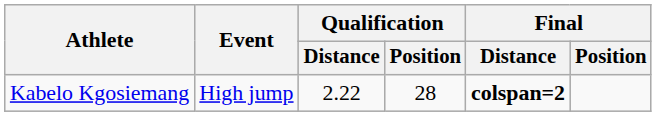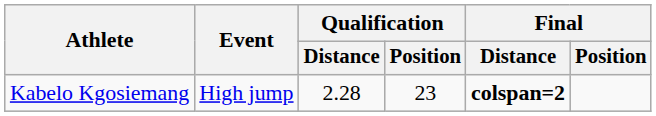 <table class=wikitable style="font-size:90%">
 <tr>
 <th rowspan="2">Athlete</th>
 <th rowspan="2">Event</th>
 <th colspan="2">Qualification</th>
 <th colspan="2">Final</th>
 </tr>
 <tr style="font-size:95%">
 <th>Distance</th>
 <th>Position</th>
 <th>Distance</th>
 <th>Position</th>
 </tr>
 <tr style=text-align:center>
 <td style=text-align:left><a href='#'>Kabelo Kgosiemang</a></td>
 <td style=text-align:left><a href='#'>High jump</a></td>
-<td>2.22</td>
-<td>28</td>
+<td>2.28</td>
+<td>23</td>
 <td><strong>colspan=2 </strong></td>
 </tr>
 </table>
